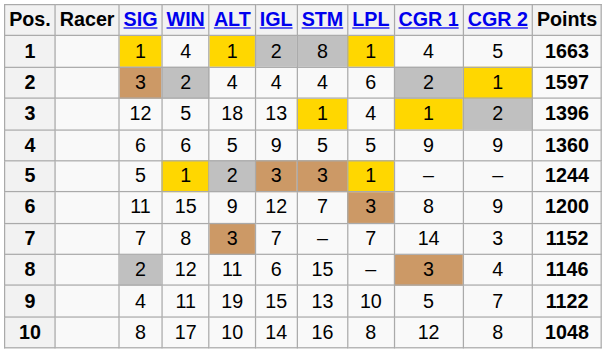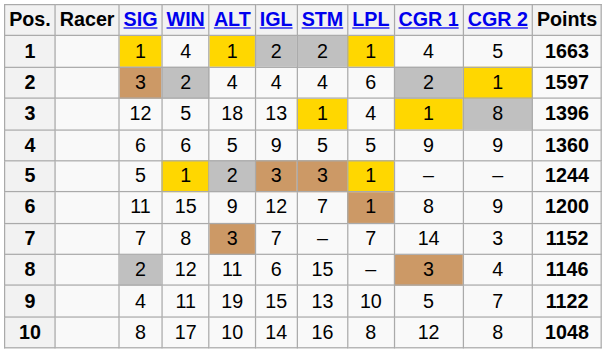 <table class="wikitable sortable plainrowheaders" style="text-align:center">
 <tr>
 <th scope="col">Pos.</th>
 <th scope="col">Racer</th>
 <th scope="col"> <a href='#'>SIG</a></th>
 <th scope="col"> <a href='#'>WIN</a></th>
 <th scope="col"> <a href='#'>ALT</a></th>
 <th scope="col"> <a href='#'>IGL</a></th>
 <th scope="col"> <a href='#'>STM</a></th>
 <th scope="col"> <a href='#'>LPL</a></th>
 <th> <a href='#'>CGR 1</a></th>
 <th> <a href='#'>CGR 2</a></th>
 <th style="width:45px;"><strong>Points</strong></th>
 </tr>
 <tr>
 <th style="text-align:center;">1</th>
 <td align="left"></td>
 <td style="background:gold;">1</td>
 <td>4</td>
 <td style="background:gold;">1</td>
 <td style="background:silver;">2</td>
-<td style="background:silver;">8</td>
+<td style="background:silver;">2</td>
 <td style="background:gold;">1</td>
 <td>4</td>
 <td>5</td>
 <td><strong>1663</strong></td>
 </tr>
 <tr>
 <th style="text-align:center;">2</th>
 <td align="left"></td>
 <td style="background:#c96;">3</td>
 <td style="background:silver;">2</td>
 <td>4</td>
 <td>4</td>
 <td>4</td>
 <td>6</td>
 <td style="background:silver;">2</td>
 <td style="background:gold;">1</td>
 <td><strong>1597</strong></td>
 </tr>
 <tr>
 <th style="text-align:center;">3</th>
 <td align="left"></td>
 <td>12</td>
 <td>5</td>
 <td>18</td>
 <td>13</td>
 <td style="background:gold;">1</td>
 <td>4</td>
 <td style="background:gold;">1</td>
-<td style="background:silver;">2</td>
+<td style="background:silver;">8</td>
 <td><strong>1396</strong></td>
 </tr>
 <tr>
 <th style="text-align:center;">4</th>
 <td align="left"></td>
 <td>6</td>
 <td>6</td>
 <td>5</td>
 <td>9</td>
 <td>5</td>
 <td>5</td>
 <td>9</td>
 <td>9</td>
 <td><strong>1360</strong></td>
 </tr>
 <tr>
 <th style="text-align:center;">5</th>
 <td align="left"></td>
 <td>5</td>
 <td style="background:gold;">1</td>
 <td style="background:silver;">2</td>
 <td style="background:#c96;">3</td>
 <td style="background:#c96;">3</td>
 <td style="background:gold;">1</td>
 <td>–</td>
 <td>–</td>
 <td><strong>1244</strong></td>
 </tr>
 <tr>
 <th style="text-align:center;">6</th>
 <td align="left"></td>
 <td>11</td>
 <td>15</td>
 <td>9</td>
 <td>12</td>
 <td>7</td>
-<td style="background:#c96;">3</td>
+<td style="background:#c96;">1</td>
 <td>8</td>
 <td>9</td>
 <td><strong>1200</strong></td>
 </tr>
 <tr>
 <th style="text-align:center;">7</th>
 <td align="left"></td>
 <td>7</td>
 <td>8</td>
 <td style="background:#c96;">3</td>
 <td>7</td>
 <td>–</td>
 <td>7</td>
 <td>14</td>
 <td>3</td>
 <td><strong>1152</strong></td>
 </tr>
 <tr>
 <th style="text-align:center;">8</th>
 <td align="left"></td>
 <td style="background:silver;">2</td>
 <td>12</td>
 <td>11</td>
 <td>6</td>
 <td>15</td>
 <td>–</td>
 <td style="background:#c96;">3</td>
 <td>4</td>
 <td><strong>1146</strong></td>
 </tr>
 <tr>
 <th style="text-align:center;">9</th>
 <td align="left"></td>
 <td>4</td>
 <td>11</td>
 <td>19</td>
 <td>15</td>
 <td>13</td>
 <td>10</td>
 <td>5</td>
 <td>7</td>
 <td><strong>1122</strong></td>
 </tr>
 <tr>
 <th style="text-align:center;">10</th>
 <td align="left"></td>
 <td>8</td>
 <td>17</td>
 <td>10</td>
 <td>14</td>
 <td>16</td>
 <td>8</td>
 <td>12</td>
 <td>8</td>
 <td><strong>1048</strong></td>
 </tr>
 </table>
